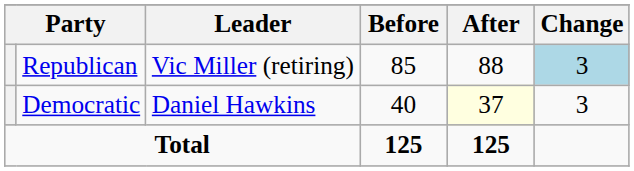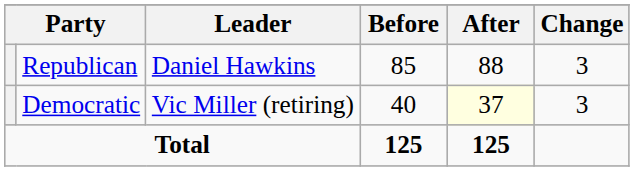 <table class="wikitable" style="text-align:center;">
 <tr>
 </tr>
 <tr>
 <th colspan="2">Party</th>
 <th>Leader</th>
 <th style="width:3em">Before</th>
 <th style="width:3em">After</th>
 <th style="width:3em">Change</th>
 </tr>
 <tr>
 <th style="background-color:"></th>
 <td style="text-align:left;"><a href='#'>Republican</a></td>
-<td style="text-align:left;"><a href='#'>Vic Miller</a> (retiring)</td>
+<td style="text-align:left;"><a href='#'>Daniel Hawkins</a></td>
 <td>85</td>
 <td>88</td>
-<td style="background: lightblue;"> 3</td>
+<td> 3</td>
 </tr>
 <tr>
 <th style="background-color:"></th>
 <td style="text-align:left;"><a href='#'>Democratic</a></td>
-<td style="text-align:left;"><a href='#'>Daniel Hawkins</a></td>
+<td style="text-align:left;"><a href='#'>Vic Miller</a> (retiring)</td>
 <td>40</td>
 <td style="background: lightyellow;">37</td>
 <td> 3</td>
 </tr>
 <tr>
 <td colspan="3"><strong>Total</strong></td>
 <td><strong>125</strong></td>
 <td><strong>125</strong></td>
 <td></td>
 </tr>
 </table>
